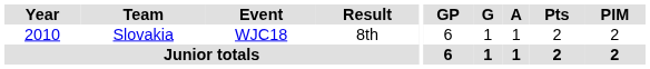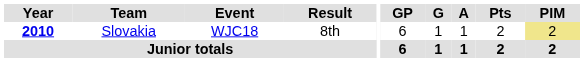 <table border="0" cellpadding="1" cellspacing="0" ID="Table3" style="text-align:center; width:40em">
 <tr ALIGN="center" bgcolor="#e0e0e0">
 <th>Year</th>
 <th>Team</th>
 <th>Event</th>
 <th>Result</th>
 <th rowspan="99" bgcolor="#ffffff"></th>
 <th>GP</th>
 <th>G</th>
 <th>A</th>
 <th>Pts</th>
 <th>PIM</th>
 </tr>
 <tr>
-<td><a href='#'>2010</a></td>
+<td><strong><a href='#'>2010</a></strong></td>
 <td><a href='#'>Slovakia</a></td>
 <td><a href='#'>WJC18</a></td>
 <td>8th</td>
 <td>6</td>
 <td>1</td>
 <td>1</td>
 <td>2</td>
-<td>2</td>
+<td style="background: khaki;">2</td>
 </tr>
 <tr bgcolor="#e0e0e0">
 <th colspan=4>Junior totals</th>
 <th>6</th>
 <th>1</th>
 <th>1</th>
 <th>2</th>
 <th>2</th>
 </tr>
 </table>
